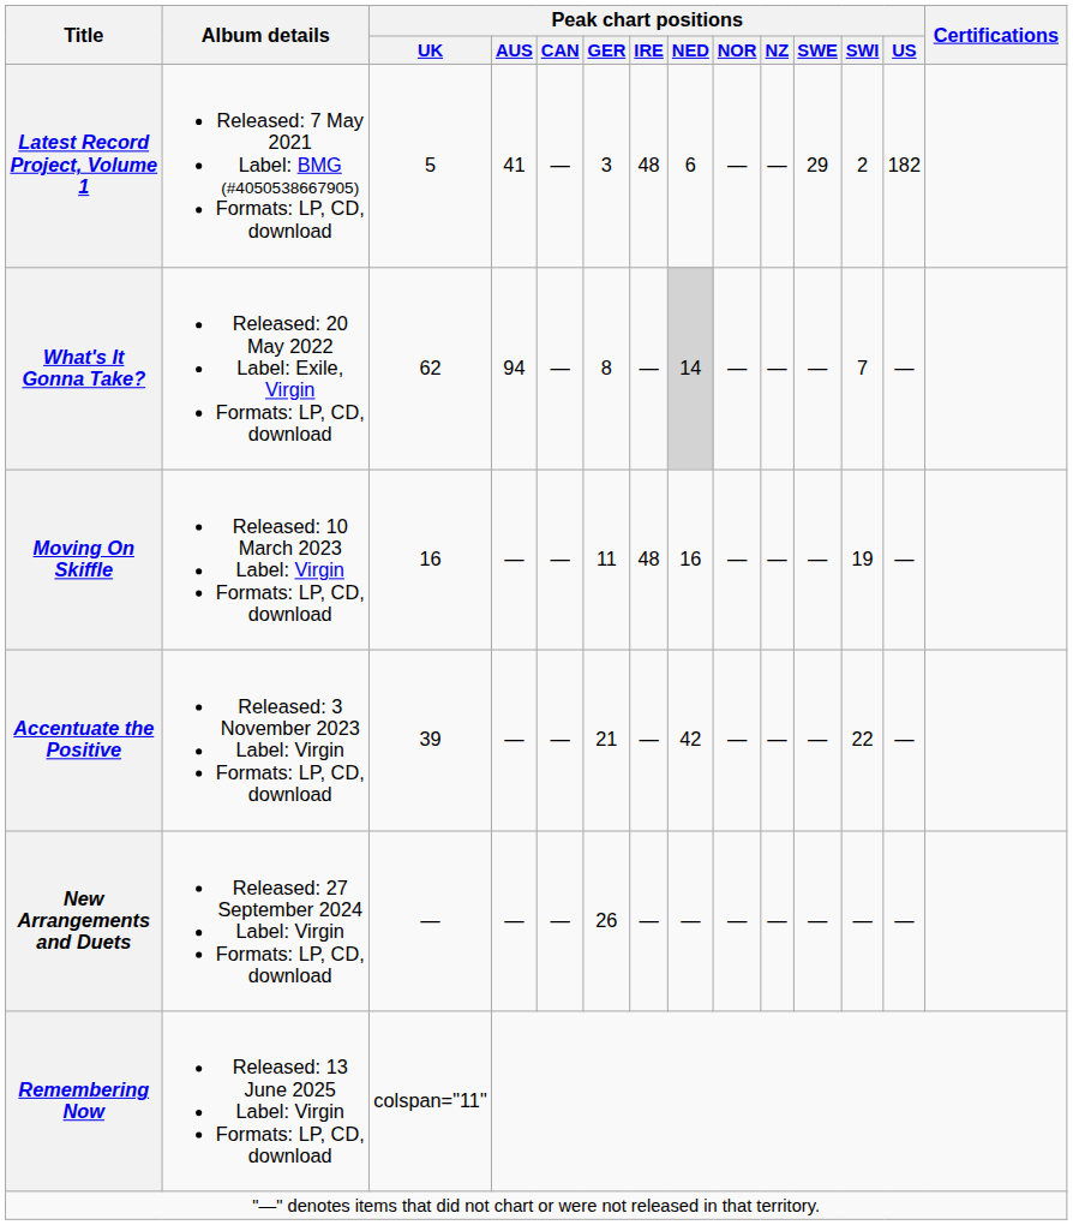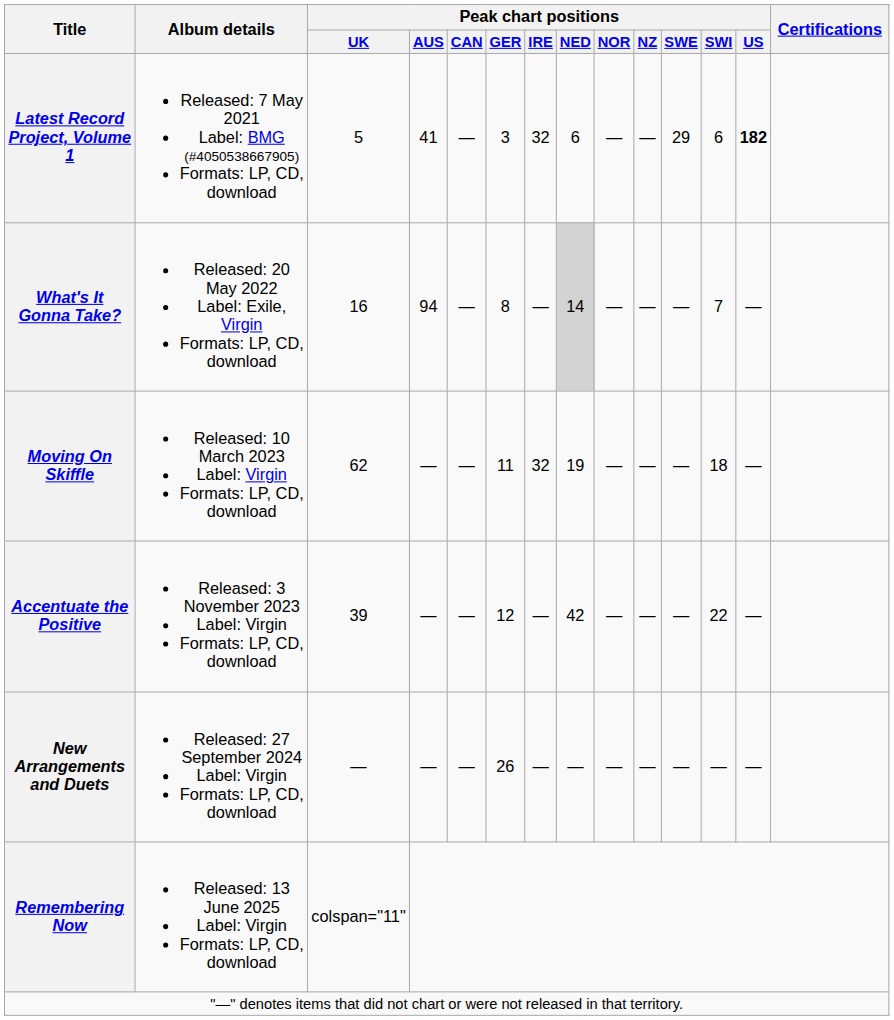 <table class="wikitable plainrowheaders" style="text-align:center;">
 <tr>
 <th scope="col" rowspan="2" style="width:18em;">Title</th>
 <th scope="col" rowspan="2" style="width:18em;">Album details</th>
 <th scope="col" colspan="11">Peak chart positions</th>
 <th scope="col" rowspan="2" style="width:12em;"><a href='#'>Certifications</a></th>
 </tr>
 <tr>
 <th style="width:2em;font-size:90%;"><a href='#'>UK</a><br></th>
 <th style="width:2em;font-size:90%;"><a href='#'>AUS</a><br></th>
 <th style="width:2em;font-size:90%;"><a href='#'>CAN</a><br></th>
 <th style="width:2em;font-size:90%;"><a href='#'>GER</a><br></th>
 <th style="width:2em;font-size:90%;"><a href='#'>IRE</a><br></th>
 <th style="width:2em;font-size:90%;"><a href='#'>NED</a><br></th>
 <th style="width:2em;font-size:90%;"><a href='#'>NOR</a><br></th>
 <th style="width:2em;font-size:90%;"><a href='#'>NZ</a><br></th>
 <th style="width:2em;font-size:90%;"><a href='#'>SWE</a><br></th>
 <th style="width:2em;font-size:90%;"><a href='#'>SWI</a><br></th>
 <th style="width:2em;font-size:90%;"><a href='#'>US</a><br></th>
 </tr>
 <tr>
 <th scope="row"><em><a href='#'>Latest Record Project, Volume 1</a></em></th>
 <td><br><ul><li>Released: 7 May 2021</li><li>Label: <a href='#'>BMG</a> <small>(#4050538667905)</small></li><li>Formats: LP, CD, download</li></ul></td>
 <td>5</td>
 <td>41</td>
 <td>—</td>
 <td>3</td>
-<td>48</td>
+<td>32</td>
 <td>6</td>
 <td>—</td>
 <td>—</td>
 <td>29</td>
-<td>2</td>
-<td>182</td>
+<td>6</td>
+<td><strong>182</strong></td>
 <td></td>
 </tr>
 <tr>
 <th scope="row"><em><a href='#'>What's It Gonna Take?</a></em></th>
 <td><br><ul><li>Released: 20 May 2022</li><li>Label: Exile, <a href='#'>Virgin</a></li><li>Formats: LP, CD, download</li></ul></td>
-<td>62</td>
+<td>16</td>
 <td>94</td>
 <td>—</td>
 <td>8</td>
 <td>—</td>
 <td style="background: lightgrey;">14</td>
 <td>—</td>
 <td>—</td>
 <td>—</td>
 <td>7</td>
 <td>—</td>
 <td></td>
 </tr>
 <tr>
 <th scope="row"><em><a href='#'>Moving On Skiffle</a></em></th>
 <td><br><ul><li>Released: 10 March 2023</li><li>Label: <a href='#'>Virgin</a></li><li>Formats: LP, CD, download</li></ul></td>
-<td>16</td>
+<td>62</td>
 <td>—</td>
 <td>—</td>
 <td>11</td>
-<td>48</td>
-<td>16</td>
+<td>32</td>
+<td>19</td>
 <td>—</td>
 <td>—</td>
 <td>—</td>
-<td>19</td>
+<td>18</td>
 <td>—</td>
 <td></td>
 </tr>
 <tr>
 <th scope="row"><em><a href='#'>Accentuate the Positive</a></em></th>
 <td><br><ul><li>Released: 3 November 2023</li><li>Label: Virgin</li><li>Formats: LP, CD, download</li></ul></td>
 <td>39</td>
 <td>—</td>
 <td>—</td>
-<td>21</td>
+<td>12</td>
 <td>—</td>
 <td>42</td>
 <td>—</td>
 <td>—</td>
 <td>—</td>
 <td>22</td>
 <td>—</td>
 <td></td>
 </tr>
 <tr>
 <th scope="row"><em>New Arrangements and Duets</em></th>
 <td><br><ul><li>Released: 27 September 2024</li><li>Label: Virgin</li><li>Formats: LP, CD, download</li></ul></td>
 <td>—</td>
 <td>—</td>
 <td>—</td>
 <td>26</td>
 <td>—</td>
 <td>—</td>
 <td>—</td>
 <td>—</td>
 <td>—</td>
 <td>—</td>
 <td>—</td>
 <td></td>
 </tr>
 <tr>
 <th scope="row"><em><a href='#'>Remembering Now</a></em></th>
 <td><br><ul><li>Released: 13 June 2025</li><li>Label: Virgin</li><li>Formats: LP, CD, download</li></ul></td>
 <td>colspan="11" </td>
 </tr>
 <tr>
 <td align="center" colspan="15" style="font-size:90%">"—" denotes items that did not chart or were not released in that territory.</td>
 </tr>
 </table>
